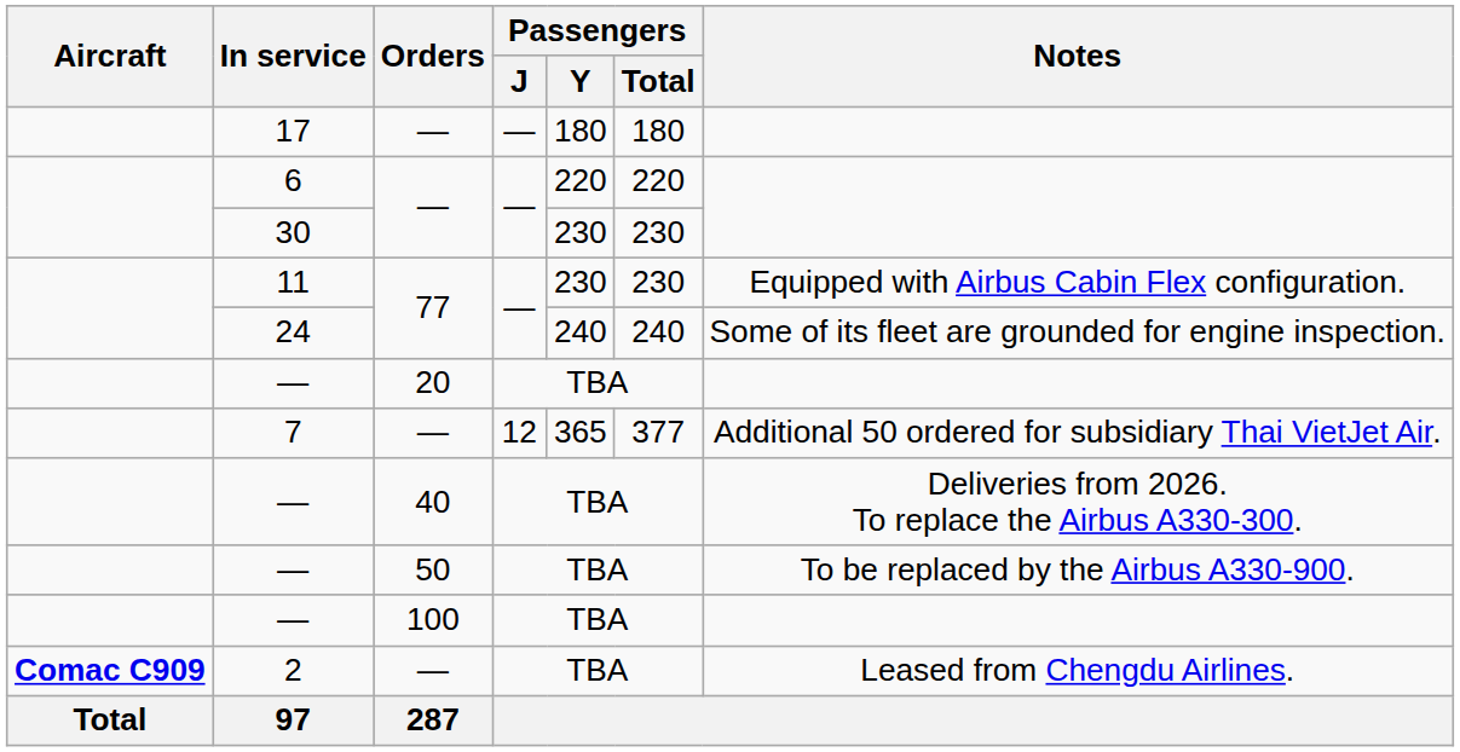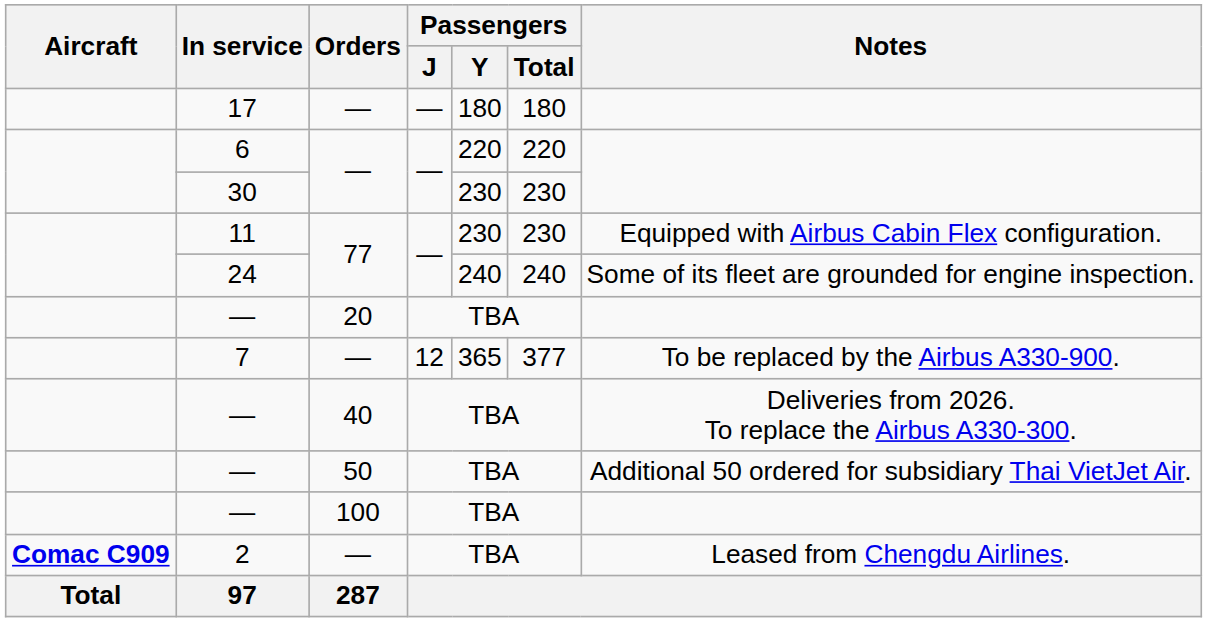 <table class="wikitable" style="border-collapse:collapse;text-align:center;margin:auto;">
 <tr>
 <th rowspan="2">Aircraft</th>
 <th rowspan="2">In service</th>
 <th rowspan="2">Orders</th>
 <th colspan="3">Passengers</th>
 <th rowspan="2">Notes</th>
 </tr>
 <tr>
 <th style="width:20px;"><abbr>J</abbr></th>
 <th style="width:20px;"><abbr>Y</abbr></th>
 <th style="width:20px;">Total</th>
 </tr>
 <tr>
 <td></td>
 <td>17</td>
 <td>—</td>
 <td>—</td>
 <td>180</td>
 <td>180</td>
 <td></td>
 </tr>
 <tr>
 <td rowspan="2"></td>
 <td>6</td>
 <td rowspan="2">—</td>
 <td rowspan="2">—</td>
 <td>220</td>
 <td>220</td>
 <td rowspan="2"></td>
 </tr>
 <tr>
 <td>30</td>
 <td>230</td>
 <td>230</td>
 </tr>
 <tr>
 <td rowspan="2"></td>
 <td>11</td>
 <td rowspan="2">77</td>
 <td rowspan="2">—</td>
 <td>230</td>
 <td>230</td>
 <td>Equipped with <a href='#'>Airbus Cabin Flex</a> configuration.</td>
 </tr>
 <tr>
 <td>24</td>
 <td>240</td>
 <td>240</td>
 <td>Some of its fleet are grounded for engine inspection.</td>
 </tr>
 <tr>
 <td></td>
 <td>—</td>
 <td>20</td>
 <td colspan="3"><abbr>TBA</abbr></td>
 <td></td>
 </tr>
 <tr>
 <td></td>
 <td>7</td>
 <td>—</td>
 <td>12</td>
 <td>365</td>
 <td>377</td>
-<td>Additional 50 ordered for subsidiary <a href='#'>Thai VietJet Air</a>.</td>
+<td>To be replaced by the <a href='#'>Airbus A330-900</a>.</td>
 </tr>
 <tr>
 <td></td>
 <td>—</td>
 <td>40</td>
 <td colspan="3"><abbr>TBA</abbr></td>
 <td>Deliveries from 2026. <br> To replace the <a href='#'>Airbus A330-300</a>.</td>
 </tr>
 <tr>
 <td></td>
 <td>—</td>
 <td>50</td>
 <td colspan="3"><abbr>TBA</abbr></td>
-<td>To be replaced by the <a href='#'>Airbus A330-900</a>.</td>
+<td>Additional 50 ordered for subsidiary <a href='#'>Thai VietJet Air</a>.</td>
 </tr>
 <tr>
 <td></td>
 <td>—</td>
 <td>100</td>
 <td colspan="3"><abbr>TBA</abbr></td>
 <td></td>
 </tr>
 <tr>
 <td><strong><a href='#'>Comac C909</a></strong></td>
 <td>2</td>
 <td>—</td>
 <td colspan="3"><abbr>TBA</abbr></td>
 <td>Leased from <a href='#'>Chengdu Airlines</a>.</td>
 </tr>
 <tr>
 <th>Total</th>
 <th>97</th>
 <th>287</th>
 <th colspan="4"></th>
 </tr>
 </table>
